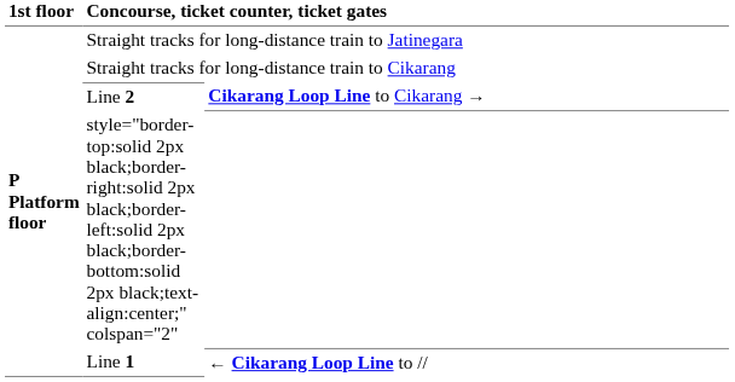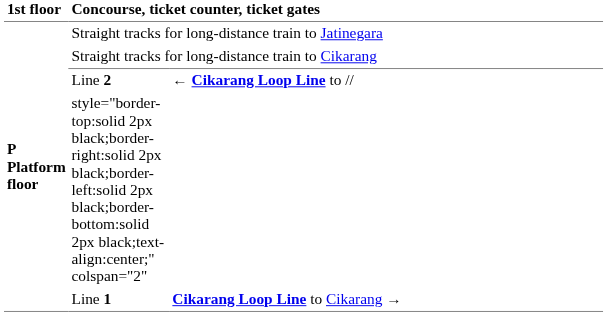 <table cellspacing=0 cellpadding=3>
 <tr>
 <td><strong>1st floor</strong></td>
 <td colspan="2"><strong>Concourse, ticket counter, ticket gates</strong></td>
 </tr>
 <tr>
 <td style="border-top:solid 1px gray;border-bottom:solid 1px gray;" rowspan="5"><strong>P<br>Platform floor</strong></td>
 <td style="border-top:solid 1px gray;" colspan="2">Straight tracks for long-distance train to <a href='#'>Jatinegara</a></td>
 </tr>
 <tr>
 <td colspan=2>Straight tracks for long-distance train to <a href='#'>Cikarang</a></td>
 </tr>
 <tr>
 <td style="border-top:solid 1px gray;" width="100">Line <strong>2</strong></td>
-<td style="border-bottom:solid 1px gray;"> <strong><a href='#'>Cikarang Loop Line</a></strong> to <a href='#'>Cikarang</a>  →</td>
+<td style="border-top:solid 1px gray;" width="500">←   <strong><a href='#'>Cikarang Loop Line</a></strong> to //</td>
 </tr>
 <tr>
 <td>style="border-top:solid 2px black;border-right:solid 2px black;border-left:solid 2px black;border-bottom:solid 2px black;text-align:center;" colspan="2" </td>
 </tr>
 <tr>
 <td style="border-bottom:solid 1px gray;">Line <strong>1</strong></td>
-<td style="border-top:solid 1px gray;" width="500">←   <strong><a href='#'>Cikarang Loop Line</a></strong> to //</td>
+<td style="border-bottom:solid 1px gray;"> <strong><a href='#'>Cikarang Loop Line</a></strong> to <a href='#'>Cikarang</a>  →</td>
 </tr>
 </table>
